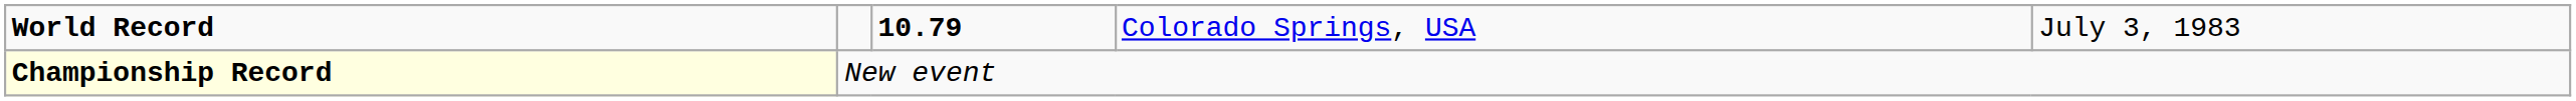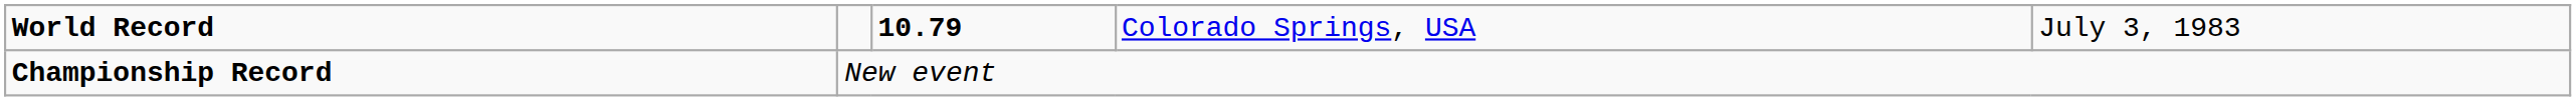 <table class="wikitable" width=75%>
 <tr>
 <td><strong>World Record</strong></td>
 <td></td>
 <td><strong>10.79</strong></td>
 <td><a href='#'>Colorado Springs</a>, <a href='#'>USA</a></td>
 <td>July 3, 1983</td>
 </tr>
 <tr>
-<td style="background: lightyellow;"><strong>Championship Record</strong></td>
+<td><strong>Championship Record</strong></td>
 <td colspan="4"><em>New event</em></td>
 </tr>
 </table>
